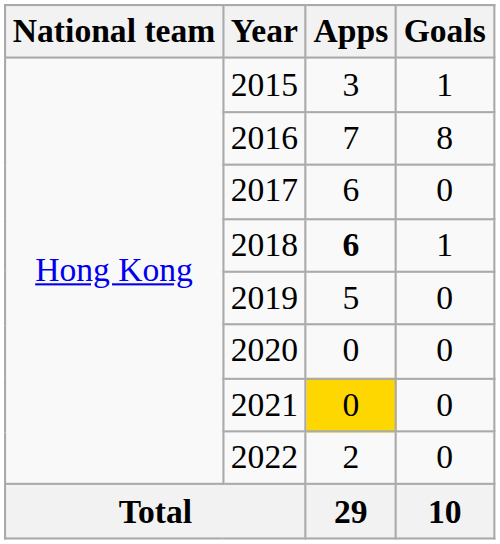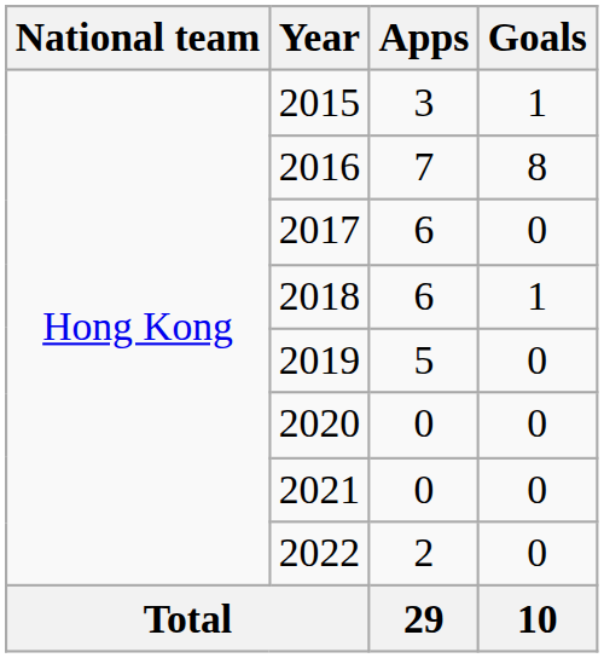 <table class="wikitable" style="text-align:center">
 <tr>
 <th>National team</th>
 <th>Year</th>
 <th>Apps</th>
 <th>Goals</th>
 </tr>
 <tr>
 <td rowspan="8"><a href='#'>Hong Kong</a></td>
 <td>2015</td>
 <td>3</td>
 <td>1</td>
 </tr>
 <tr>
 <td>2016</td>
 <td>7</td>
 <td>8</td>
 </tr>
 <tr>
 <td>2017</td>
 <td>6</td>
 <td>0</td>
 </tr>
 <tr>
 <td>2018</td>
-<td><strong>6</strong></td>
+<td>6</td>
 <td>1</td>
 </tr>
 <tr>
 <td>2019</td>
 <td>5</td>
 <td>0</td>
 </tr>
 <tr>
 <td>2020</td>
 <td>0</td>
 <td>0</td>
 </tr>
 <tr>
 <td>2021</td>
-<td style="background: gold;">0</td>
+<td>0</td>
 <td>0</td>
 </tr>
 <tr>
 <td>2022</td>
 <td>2</td>
 <td>0</td>
 </tr>
 <tr>
 <th colspan="2">Total</th>
 <th>29</th>
 <th>10</th>
 </tr>
 </table>
